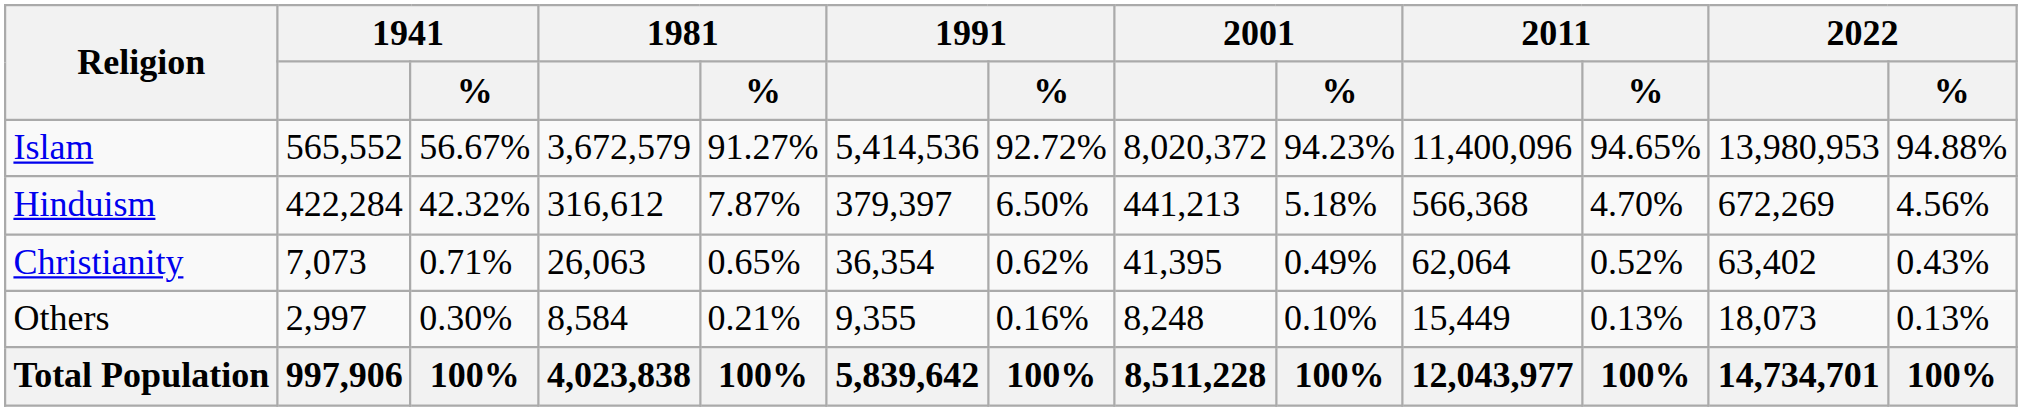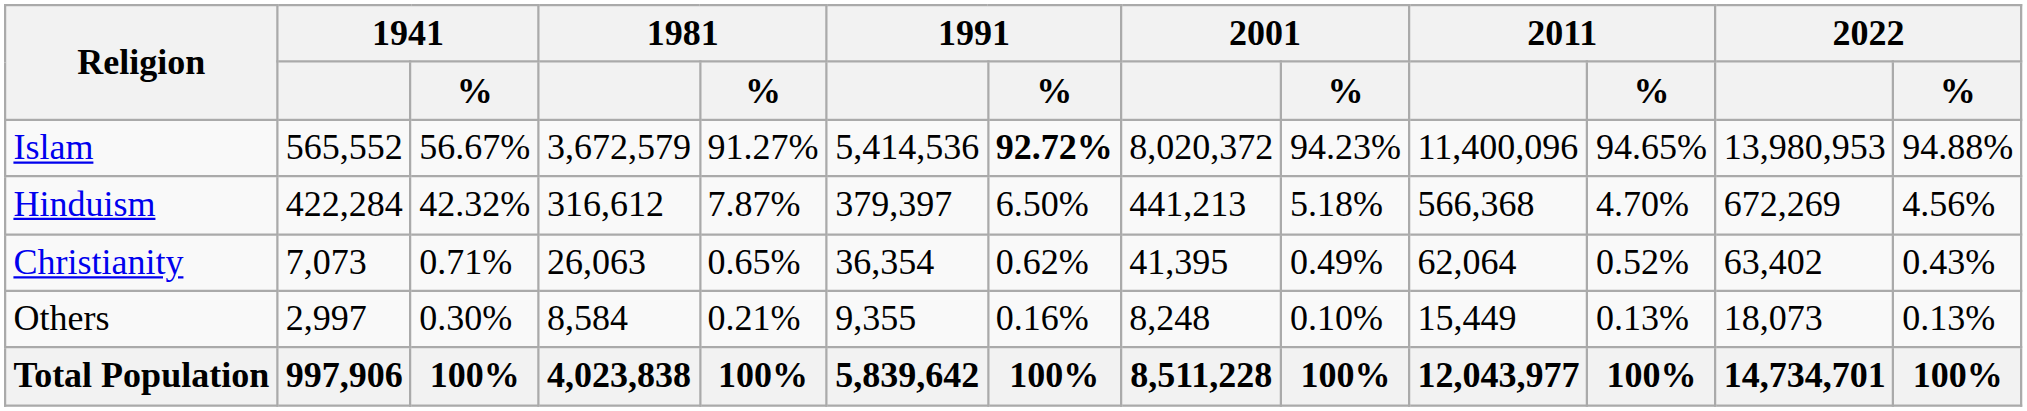 <table class="wikitable sortable">
 <tr>
 <th rowspan="2">Religion</th>
 <th colspan="2">1941</th>
 <th colspan="2">1981</th>
 <th colspan="2">1991</th>
 <th colspan="2">2001</th>
 <th colspan="2">2011</th>
 <th colspan="2">2022</th>
 </tr>
 <tr>
 <th></th>
 <th>%</th>
 <th></th>
 <th>%</th>
 <th></th>
 <th>%</th>
 <th></th>
 <th>%</th>
 <th></th>
 <th>%</th>
 <th></th>
 <th>%</th>
 </tr>
 <tr>
 <td><a href='#'>Islam</a> </td>
 <td>565,552</td>
 <td>56.67%</td>
 <td>3,672,579</td>
 <td>91.27%</td>
 <td>5,414,536</td>
-<td>92.72%</td>
+<td><strong>92.72%</strong></td>
 <td>8,020,372</td>
 <td>94.23%</td>
 <td>11,400,096</td>
 <td>94.65%</td>
 <td>13,980,953</td>
 <td>94.88%</td>
 </tr>
 <tr>
 <td><a href='#'>Hinduism</a> </td>
 <td>422,284</td>
 <td>42.32%</td>
 <td>316,612</td>
 <td>7.87%</td>
 <td>379,397</td>
 <td>6.50%</td>
 <td>441,213</td>
 <td>5.18%</td>
 <td>566,368</td>
 <td>4.70%</td>
 <td>672,269</td>
 <td>4.56%</td>
 </tr>
 <tr>
 <td><a href='#'>Christianity</a> </td>
 <td>7,073</td>
 <td>0.71%</td>
 <td>26,063</td>
 <td>0.65%</td>
 <td>36,354</td>
 <td>0.62%</td>
 <td>41,395</td>
 <td>0.49%</td>
 <td>62,064</td>
 <td>0.52%</td>
 <td>63,402</td>
 <td>0.43%</td>
 </tr>
 <tr>
 <td>Others</td>
 <td>2,997</td>
 <td>0.30%</td>
 <td>8,584</td>
 <td>0.21%</td>
 <td>9,355</td>
 <td>0.16%</td>
 <td>8,248</td>
 <td>0.10%</td>
 <td>15,449</td>
 <td>0.13%</td>
 <td>18,073</td>
 <td>0.13%</td>
 </tr>
 <tr>
 <th>Total Population</th>
 <th>997,906</th>
 <th>100%</th>
 <th>4,023,838</th>
 <th>100%</th>
 <th>5,839,642</th>
 <th>100%</th>
 <th>8,511,228</th>
 <th>100%</th>
 <th>12,043,977</th>
 <th>100%</th>
 <th>14,734,701</th>
 <th>100%</th>
 </tr>
 </table>
